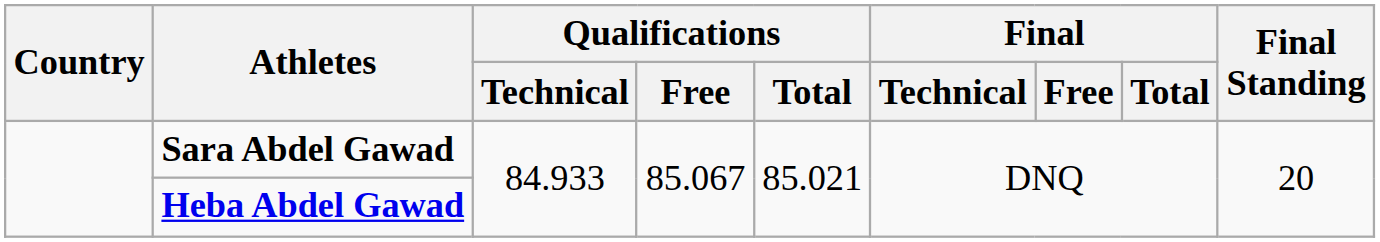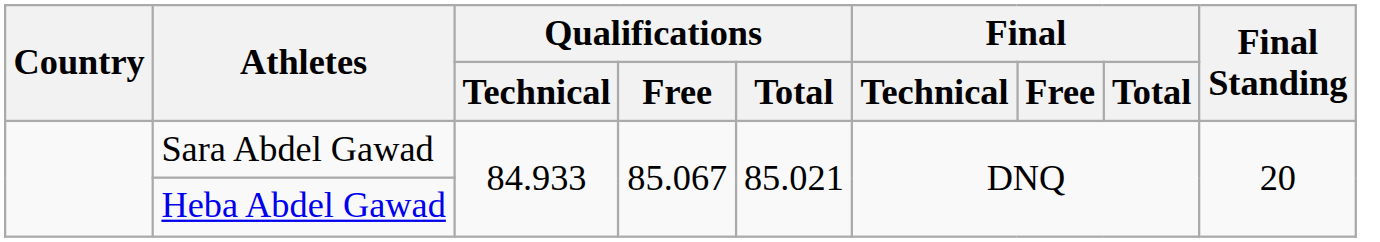 <table class="wikitable " style="text-align:center">
 <tr>
 <th rowspan="2">Country</th>
 <th rowspan="2">Athletes</th>
 <th colspan="3">Qualifications</th>
 <th colspan="3">Final</th>
 <th rowspan="2">Final<br>Standing</th>
 </tr>
 <tr>
 <th>Technical</th>
 <th>Free</th>
 <th>Total</th>
 <th>Technical</th>
 <th>Free</th>
 <th>Total</th>
 </tr>
 <tr>
 <td rowspan="2"></td>
-<td align="left"><strong>Sara Abdel Gawad</strong></td>
+<td align="left">Sara Abdel Gawad</td>
 <td rowspan="2">84.933</td>
 <td rowspan="2">85.067</td>
 <td rowspan="2">85.021</td>
 <td colspan="3" rowspan="2">DNQ</td>
 <td rowspan="2">20</td>
 </tr>
 <tr>
-<td align="left"><strong><a href='#'>Heba Abdel Gawad</a></strong></td>
+<td align="left"><a href='#'>Heba Abdel Gawad</a></td>
 </tr>
 </table>
